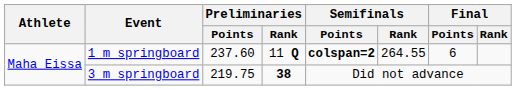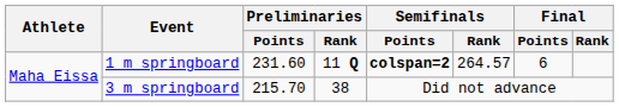 <table class="wikitable" style="text-align:center; font-size:90%;">
 <tr>
 <th rowspan=2>Athlete</th>
 <th rowspan=2>Event</th>
 <th colspan=2>Preliminaries</th>
 <th colspan=2>Semifinals</th>
 <th colspan=2>Final</th>
 </tr>
 <tr style="font-size:95%">
 <th>Points</th>
 <th>Rank</th>
 <th>Points</th>
 <th>Rank</th>
 <th>Points</th>
 <th>Rank</th>
 </tr>
 <tr>
 <td align=left rowspan=2><a href='#'>Maha Eissa</a></td>
 <td align=left><a href='#'>1 m springboard</a></td>
-<td>237.60</td>
+<td>231.60</td>
 <td>11 <strong>Q</strong></td>
 <td><strong>colspan=2 </strong></td>
-<td>264.55</td>
+<td>264.57</td>
 <td>6</td>
 </tr>
 <tr>
 <td align=left><a href='#'>3 m springboard</a></td>
-<td>219.75</td>
-<td><strong>38</strong></td>
+<td>215.70</td>
+<td>38</td>
 <td colspan=4>Did not advance</td>
 </tr>
 </table>
